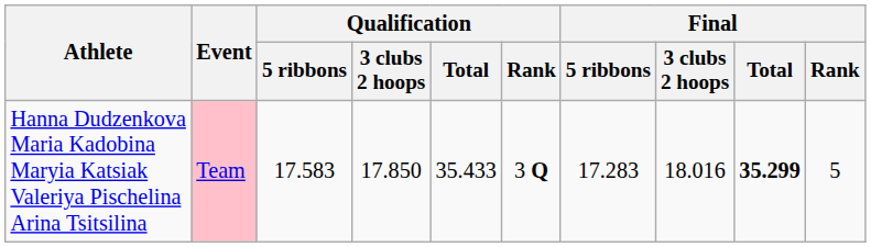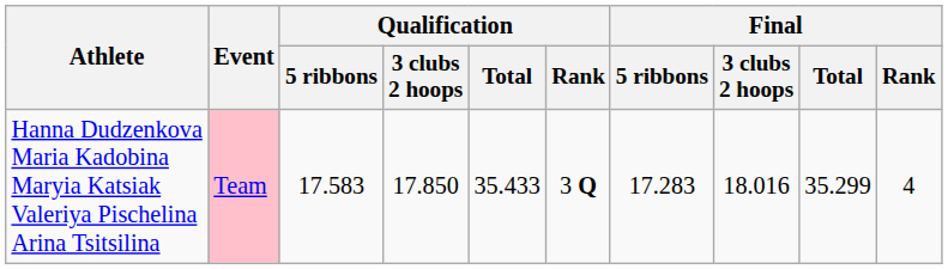 <table class="wikitable" style="font-size:90%">
 <tr>
 <th rowspan="2">Athlete</th>
 <th rowspan="2">Event</th>
 <th colspan="4">Qualification</th>
 <th colspan="4">Final</th>
 </tr>
 <tr style="font-size:95%">
 <th>5 ribbons</th>
 <th>3 clubs <br>2 hoops</th>
 <th>Total</th>
 <th>Rank</th>
 <th>5 ribbons</th>
 <th>3 clubs <br>2 hoops</th>
 <th>Total</th>
 <th>Rank</th>
 </tr>
 <tr align=center>
 <td align=left><a href='#'>Hanna Dudzenkova</a><br><a href='#'>Maria Kadobina</a><br><a href='#'>Maryia Katsiak</a><br><a href='#'>Valeriya Pischelina</a><br><a href='#'>Arina Tsitsilina</a></td>
 <td align=left style="background: pink;"><a href='#'>Team</a></td>
 <td>17.583</td>
 <td>17.850</td>
 <td>35.433</td>
 <td>3 <strong>Q</strong></td>
 <td>17.283</td>
 <td>18.016</td>
-<td><strong>35.299</strong></td>
-<td>5</td>
+<td>35.299</td>
+<td>4</td>
 </tr>
 </table>
